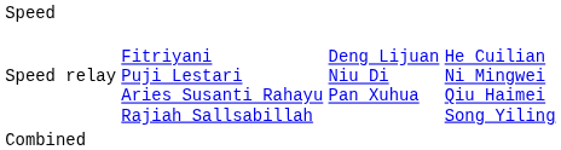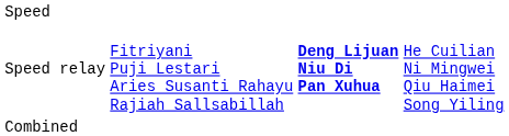 <table>
 <tr>
 <td>Speed<br></td>
 <td></td>
 <td></td>
 <td></td>
 </tr>
 <tr>
 <td>Speed relay<br></td>
 <td><br><a href='#'>Fitriyani</a><br><a href='#'>Puji Lestari</a><br><a href='#'>Aries Susanti Rahayu</a><br><a href='#'>Rajiah Sallsabillah</a></td>
-<td valign=top><br><a href='#'>Deng Lijuan</a><br><a href='#'>Niu Di</a><br><a href='#'>Pan Xuhua</a></td>
+<td valign=top><strong><br><a href='#'>Deng Lijuan</a><br><a href='#'>Niu Di</a><br><a href='#'>Pan Xuhua</a></strong></td>
 <td><br><a href='#'>He Cuilian</a><br><a href='#'>Ni Mingwei</a><br><a href='#'>Qiu Haimei</a><br><a href='#'>Song Yiling</a></td>
 </tr>
 <tr>
 <td>Combined<br></td>
 <td></td>
 <td></td>
 <td></td>
 </tr>
 </table>
